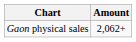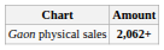 <table class="wikitable">
 <tr>
 <th>Chart</th>
 <th>Amount</th>
 </tr>
 <tr>
 <td><em>Gaon</em> physical sales</td>
-<td style="text-align:center;">2,062+</td>
+<td style="text-align:center;"><strong>2,062+</strong></td>
 </tr>
 </table>
